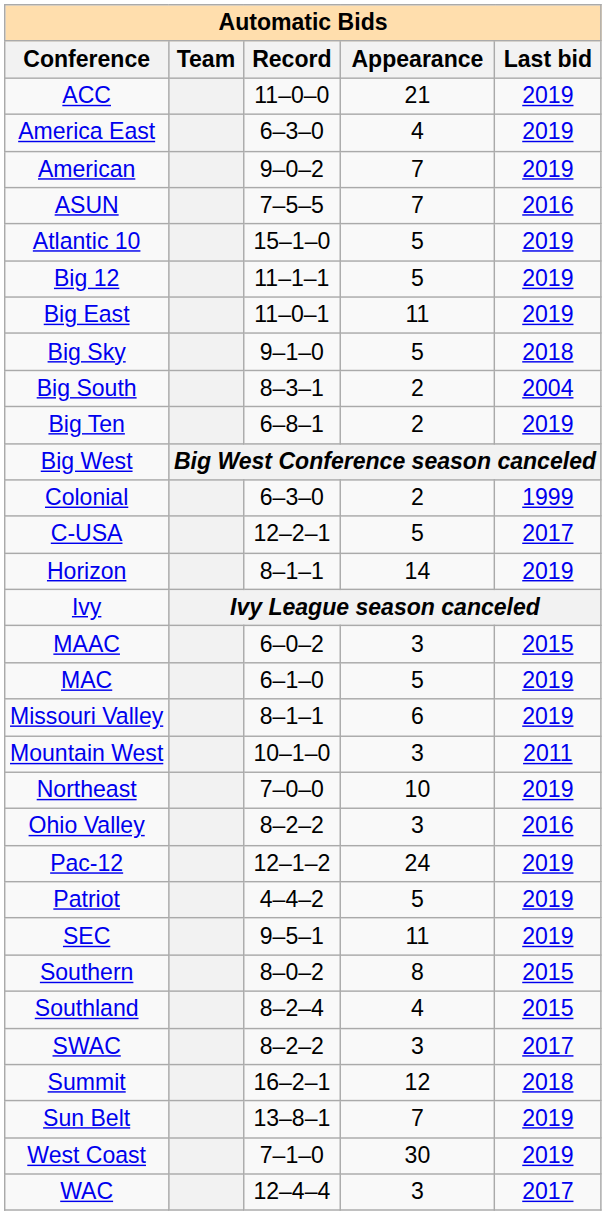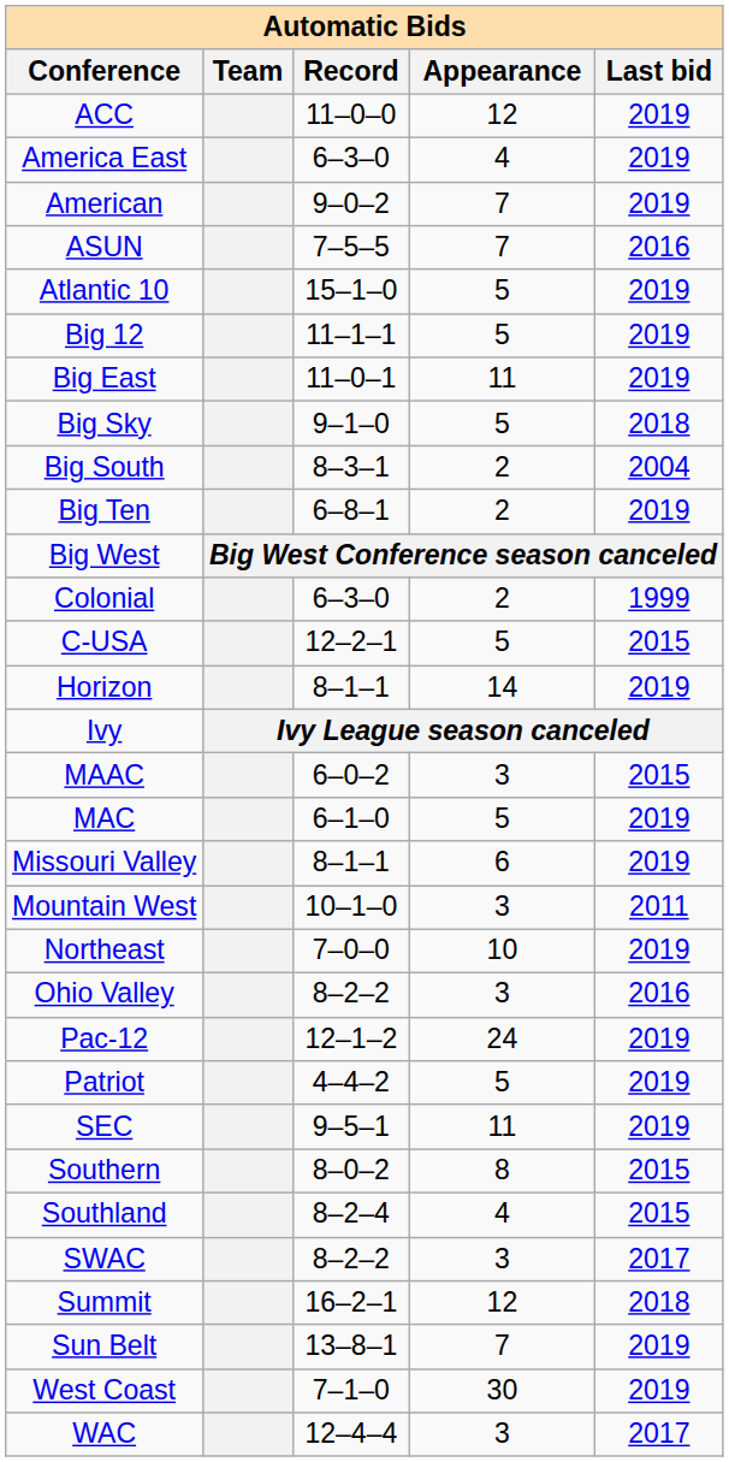 <table class="wikitable sortable plainrowheaders" style="text-align:center;">
 <tr>
 <th colspan="6" style="background:#ffdead;">Automatic Bids</th>
 </tr>
 <tr>
 <th scope="col">Conference</th>
 <th scope="col">Team</th>
 <th scope="col" data-sort-type="number">Record</th>
 <th scope="col">Appearance</th>
 <th scope="col">Last bid</th>
 </tr>
 <tr>
 <td><a href='#'>ACC</a></td>
 <th scope="row" style="text-align:center; "><a href='#'></a></th>
 <td>11–0–0</td>
-<td>21</td>
+<td>12</td>
 <td><a href='#'>2019</a></td>
 </tr>
 <tr>
 <td><a href='#'>America East</a></td>
 <th scope="row" style="text-align:center; "><a href='#'></a></th>
 <td>6–3–0</td>
 <td>4</td>
 <td><a href='#'>2019</a></td>
 </tr>
 <tr>
 <td><a href='#'>American</a></td>
 <th scope="row" style="text-align:center; "><a href='#'></a></th>
 <td>9–0–2</td>
 <td>7</td>
 <td><a href='#'>2019</a></td>
 </tr>
 <tr>
 <td><a href='#'>ASUN</a></td>
 <th scope="row" style="text-align:center; "><a href='#'></a></th>
 <td>7–5–5</td>
 <td>7</td>
 <td><a href='#'>2016</a></td>
 </tr>
 <tr>
 <td><a href='#'>Atlantic 10</a></td>
 <th scope="row" style="text-align:center; "><a href='#'></a></th>
 <td>15–1–0</td>
 <td>5</td>
 <td><a href='#'>2019</a></td>
 </tr>
 <tr>
 <td><a href='#'>Big 12</a></td>
 <th scope="row" style="text-align:center; "><a href='#'></a></th>
 <td>11–1–1</td>
 <td>5</td>
 <td><a href='#'>2019</a></td>
 </tr>
 <tr>
 <td><a href='#'>Big East</a></td>
 <th scope="row" style="text-align:center; "><a href='#'></a></th>
 <td>11–0–1</td>
 <td>11</td>
 <td><a href='#'>2019</a></td>
 </tr>
 <tr>
 <td><a href='#'>Big Sky</a></td>
 <th scope="row" style="text-align:center; "><a href='#'></a></th>
 <td>9–1–0</td>
 <td>5</td>
 <td><a href='#'>2018</a></td>
 </tr>
 <tr>
 <td><a href='#'>Big South</a></td>
 <th scope="row" style="text-align:center; "><a href='#'></a></th>
 <td>8–3–1</td>
 <td>2</td>
 <td><a href='#'>2004</a></td>
 </tr>
 <tr>
 <td><a href='#'>Big Ten</a></td>
 <th scope="row" style="text-align:center; "><a href='#'></a></th>
 <td>6–8–1</td>
 <td>2</td>
 <td><a href='#'>2019</a></td>
 </tr>
 <tr>
 <td><a href='#'>Big West</a></td>
 <th scope="row"style="text-align:center"colspan=4><em>Big West Conference season canceled</em></th>
 </tr>
 <tr>
 <td><a href='#'>Colonial</a></td>
 <th scope="row" style="text-align:center; "><a href='#'></a></th>
 <td>6–3–0</td>
 <td>2</td>
 <td><a href='#'>1999</a></td>
 </tr>
 <tr>
 <td><a href='#'>C-USA</a></td>
 <th scope="row" style="text-align:center; "><a href='#'></a></th>
 <td>12–2–1</td>
 <td>5</td>
-<td><a href='#'>2017</a></td>
+<td><a href='#'>2015</a></td>
 </tr>
 <tr>
 <td><a href='#'>Horizon</a></td>
 <th scope="row" style="text-align:center; "><a href='#'></a></th>
 <td>8–1–1</td>
 <td>14</td>
 <td><a href='#'>2019</a></td>
 </tr>
 <tr>
 <td><a href='#'>Ivy</a></td>
 <th scope="row"style="text-align:center"colspan=4><em>Ivy League season canceled</em></th>
 </tr>
 <tr>
 <td><a href='#'>MAAC</a></td>
 <th scope="row" style="text-align:center; "><a href='#'></a></th>
 <td>6–0–2</td>
 <td>3</td>
 <td><a href='#'>2015</a></td>
 </tr>
 <tr>
 <td><a href='#'>MAC</a></td>
 <th scope="row" style="text-align:center; "><a href='#'></a></th>
 <td>6–1–0</td>
 <td>5</td>
 <td><a href='#'>2019</a></td>
 </tr>
 <tr>
 <td><a href='#'>Missouri Valley</a></td>
 <th scope="row" style="text-align:center; "><a href='#'></a></th>
 <td>8–1–1</td>
 <td>6</td>
 <td><a href='#'>2019</a></td>
 </tr>
 <tr>
 <td><a href='#'>Mountain West</a></td>
 <th scope="row" style="text-align:center; "><a href='#'></a></th>
 <td>10–1–0</td>
 <td>3</td>
 <td><a href='#'>2011</a></td>
 </tr>
 <tr>
 <td><a href='#'>Northeast</a></td>
 <th scope="row" style="text-align:center; "><a href='#'></a></th>
 <td>7–0–0</td>
 <td>10</td>
 <td><a href='#'>2019</a></td>
 </tr>
 <tr>
 <td><a href='#'>Ohio Valley</a></td>
 <th scope="row" style="text-align:center; "><a href='#'></a></th>
 <td>8–2–2</td>
 <td>3</td>
 <td><a href='#'>2016</a></td>
 </tr>
 <tr>
 <td><a href='#'>Pac-12</a></td>
 <th scope="row" style="text-align:center; "><a href='#'></a></th>
 <td>12–1–2</td>
 <td>24</td>
 <td><a href='#'>2019</a></td>
 </tr>
 <tr>
 <td><a href='#'>Patriot</a></td>
 <th scope="row" style="text-align:center; "><a href='#'></a></th>
 <td>4–4–2</td>
 <td>5</td>
 <td><a href='#'>2019</a></td>
 </tr>
 <tr>
 <td><a href='#'>SEC</a></td>
 <th scope="row" style="text-align:center; "><a href='#'></a></th>
 <td>9–5–1</td>
 <td>11</td>
 <td><a href='#'>2019</a></td>
 </tr>
 <tr>
 <td><a href='#'>Southern</a></td>
 <th scope="row" style="text-align:center; "><a href='#'></a></th>
 <td>8–0–2</td>
 <td>8</td>
 <td><a href='#'>2015</a></td>
 </tr>
 <tr>
 <td><a href='#'>Southland</a></td>
 <th scope="row" style="text-align:center; "><a href='#'></a></th>
 <td>8–2–4</td>
 <td>4</td>
 <td><a href='#'>2015</a></td>
 </tr>
 <tr>
 <td><a href='#'>SWAC</a></td>
 <th scope="row" style="text-align:center; "><a href='#'></a></th>
 <td>8–2–2</td>
 <td>3</td>
 <td><a href='#'>2017</a></td>
 </tr>
 <tr>
 <td><a href='#'>Summit</a></td>
 <th scope="row" style="text-align:center; "><a href='#'></a></th>
 <td>16–2–1</td>
 <td>12</td>
 <td><a href='#'>2018</a></td>
 </tr>
 <tr>
 <td><a href='#'>Sun Belt</a></td>
 <th scope="row" style="text-align:center; "><a href='#'></a></th>
 <td>13–8–1</td>
 <td>7</td>
 <td><a href='#'>2019</a></td>
 </tr>
 <tr>
 <td><a href='#'>West Coast</a></td>
 <th scope="row" style="text-align:center; "><a href='#'></a></th>
 <td>7–1–0</td>
 <td>30</td>
 <td><a href='#'>2019</a></td>
 </tr>
 <tr>
 <td><a href='#'>WAC</a></td>
 <th scope="row" style="text-align:center; "><a href='#'></a></th>
 <td>12–4–4</td>
 <td>3</td>
 <td><a href='#'>2017</a></td>
 </tr>
 </table>
